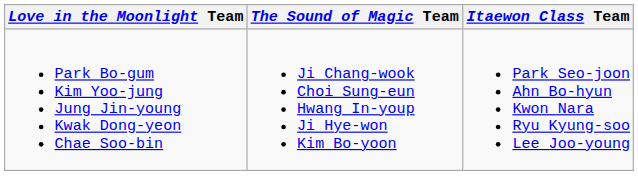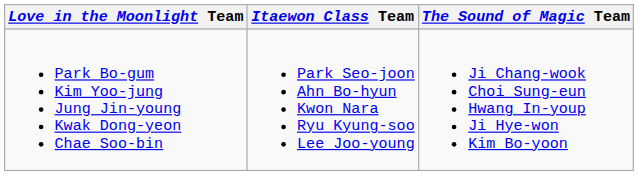 <table class="wikitable plainrowheaders">
 <tr>
 <th scope="col"><em><a href='#'>Love in the Moonlight</a></em> Team</th>
+<th scope="col"><em><a href='#'>Itaewon Class</a></em> Team</th>
 <th scope="col"><em><a href='#'>The Sound of Magic</a></em> Team</th>
-<th scope="col"><em><a href='#'>Itaewon Class</a></em> Team</th>
 </tr>
 <tr>
 <td><br><ul><li><a href='#'>Park Bo-gum</a></li><li><a href='#'>Kim Yoo-jung</a></li><li><a href='#'>Jung Jin-young</a></li><li><a href='#'>Kwak Dong-yeon</a></li><li><a href='#'>Chae Soo-bin</a></li></ul></td>
+<td><br><ul><li><a href='#'>Park Seo-joon</a></li><li><a href='#'>Ahn Bo-hyun</a></li><li><a href='#'>Kwon Nara</a></li><li><a href='#'>Ryu Kyung-soo</a></li><li><a href='#'>Lee Joo-young</a></li></ul></td>
 <td><br><ul><li><a href='#'>Ji Chang-wook</a></li><li><a href='#'>Choi Sung-eun</a></li><li><a href='#'>Hwang In-youp</a></li><li><a href='#'>Ji Hye-won</a></li><li><a href='#'>Kim Bo-yoon</a></li></ul></td>
-<td><br><ul><li><a href='#'>Park Seo-joon</a></li><li><a href='#'>Ahn Bo-hyun</a></li><li><a href='#'>Kwon Nara</a></li><li><a href='#'>Ryu Kyung-soo</a></li><li><a href='#'>Lee Joo-young</a></li></ul></td>
 </tr>
 </table>
